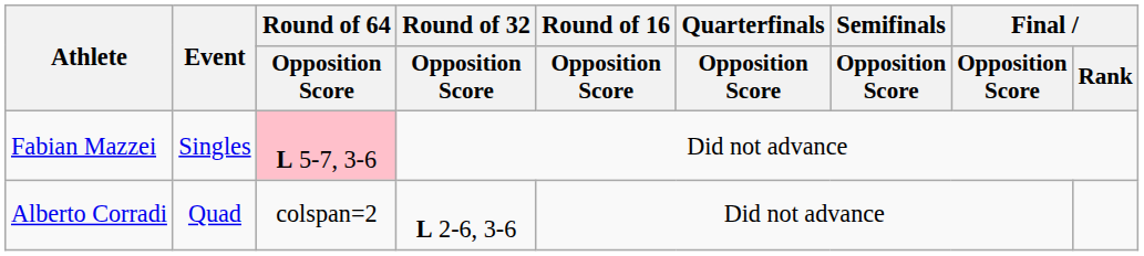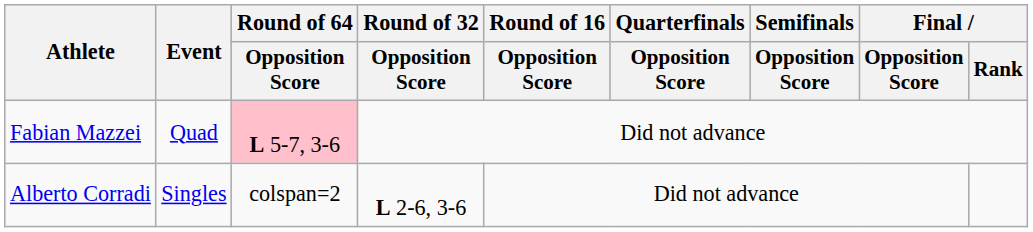 <table class=wikitable style="font-size:90%">
 <tr>
 <th rowspan="2">Athlete</th>
 <th rowspan="2">Event</th>
 <th>Round of 64</th>
 <th>Round of 32</th>
 <th>Round of 16</th>
 <th>Quarterfinals</th>
 <th>Semifinals</th>
 <th colspan=2>Final / </th>
 </tr>
 <tr style="font-size:95%">
 <th>Opposition<br>Score</th>
 <th>Opposition<br>Score</th>
 <th>Opposition<br>Score</th>
 <th>Opposition<br>Score</th>
 <th>Opposition<br>Score</th>
 <th>Opposition<br>Score</th>
 <th>Rank</th>
 </tr>
 <tr align=center>
 <td align=left><a href='#'>Fabian Mazzei</a></td>
-<td><a href='#'>Singles</a></td>
+<td><a href='#'>Quad</a></td>
 <td style="background: pink;"><br><strong>L</strong> 5-7, 3-6</td>
 <td colspan=6>Did not advance</td>
 </tr>
 <tr align=center>
 <td align=left><a href='#'>Alberto Corradi</a></td>
-<td><a href='#'>Quad</a></td>
+<td><a href='#'>Singles</a></td>
 <td>colspan=2 </td>
 <td><br><strong>L</strong> 2-6, 3-6</td>
 <td colspan=4>Did not advance</td>
 </tr>
 </table>
